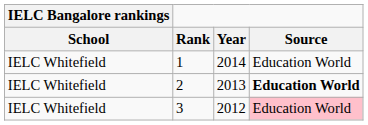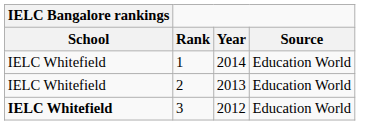 <table class="wikitable">
 <tr>
 <th>IELC Bangalore rankings</th>
 </tr>
 <tr>
 <th>School</th>
 <th>Rank</th>
 <th>Year</th>
 <th>Source</th>
 </tr>
 <tr>
 <td>IELC Whitefield</td>
 <td>1</td>
 <td>2014</td>
 <td>Education World</td>
 </tr>
 <tr>
 <td>IELC Whitefield</td>
 <td>2</td>
 <td>2013</td>
-<td><strong>Education World</strong></td>
+<td>Education World</td>
 </tr>
 <tr>
-<td>IELC Whitefield</td>
+<td><strong>IELC Whitefield</strong></td>
 <td>3</td>
 <td>2012</td>
-<td style="background: pink;">Education World</td>
+<td>Education World</td>
 </tr>
 </table>
